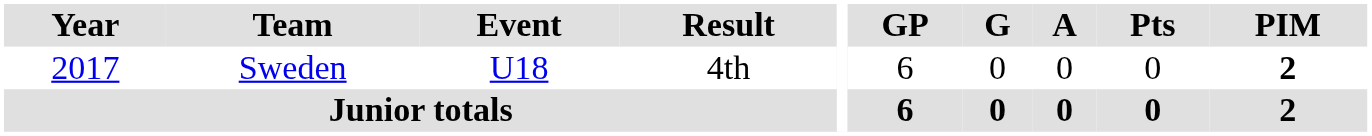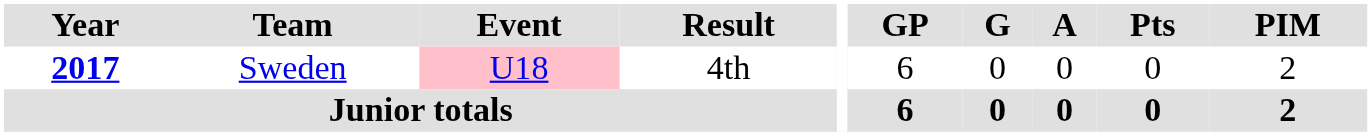 <table border="0" cellpadding="1" cellspacing="0" ID="Table3" style="text-align:center; width:40em">
 <tr bgcolor="#e0e0e0">
 <th>Year</th>
 <th>Team</th>
 <th>Event</th>
 <th>Result</th>
 <th rowspan="99" bgcolor="#ffffff"></th>
 <th>GP</th>
 <th>G</th>
 <th>A</th>
 <th>Pts</th>
 <th>PIM</th>
 </tr>
 <tr>
-<td><a href='#'>2017</a></td>
+<td><strong><a href='#'>2017</a></strong></td>
 <td><a href='#'>Sweden</a></td>
-<td><a href='#'>U18</a></td>
+<td style="background: pink;"><a href='#'>U18</a></td>
 <td>4th</td>
 <td>6</td>
 <td>0</td>
 <td>0</td>
 <td>0</td>
-<td><strong>2</strong></td>
+<td>2</td>
 </tr>
 <tr bgcolor="#e0e0e0">
 <th colspan="4">Junior totals</th>
 <th>6</th>
 <th>0</th>
 <th>0</th>
 <th>0</th>
 <th>2</th>
 </tr>
 </table>
